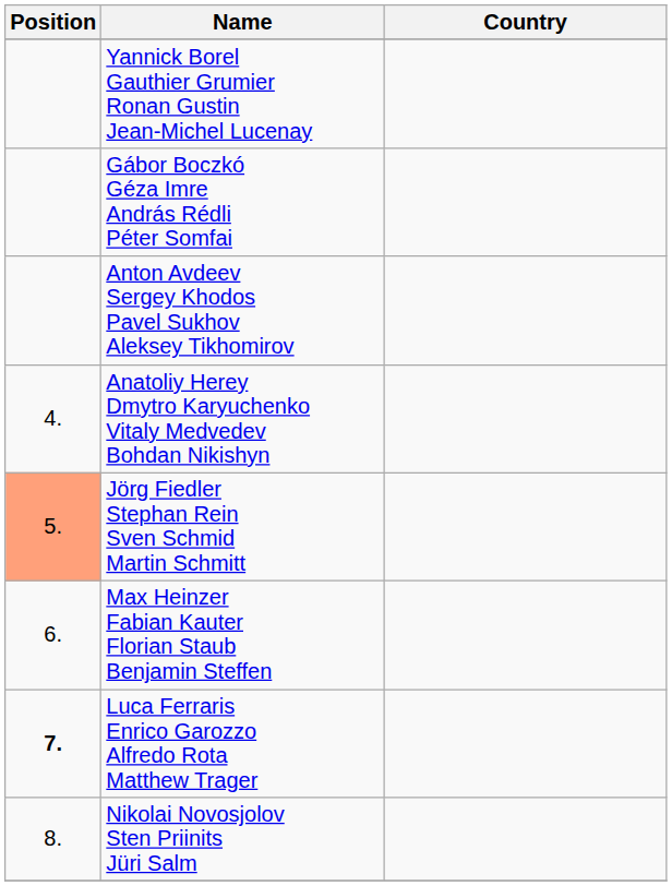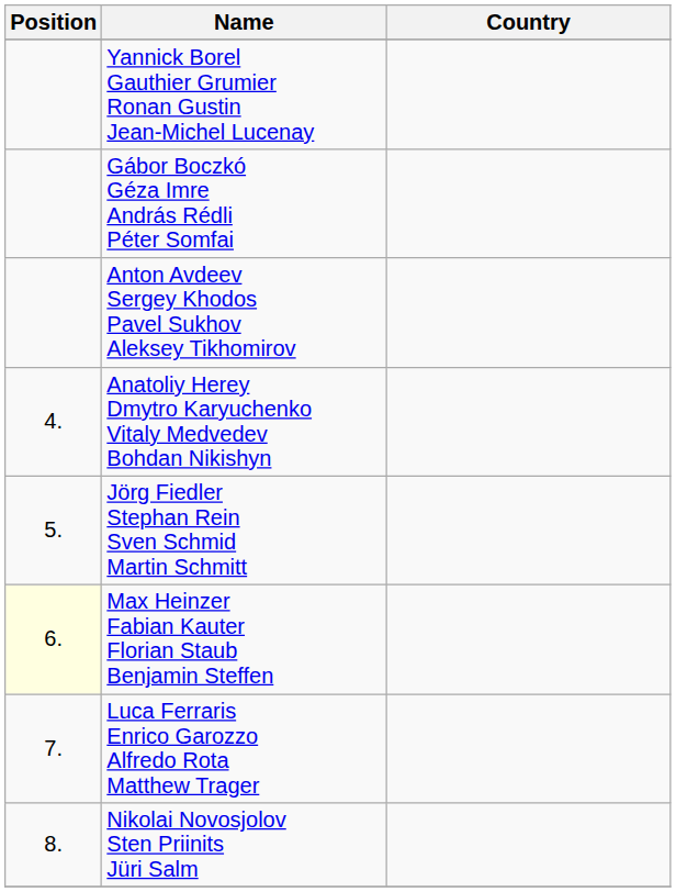 <table class="wikitable">
 <tr>
 <th width="20">Position</th>
 <th width="200">Name</th>
 <th width="200">Country</th>
 </tr>
 <tr>
 </tr>
 <tr>
 <td align="center"></td>
 <td><a href='#'>Yannick Borel</a><br><a href='#'>Gauthier Grumier</a><br><a href='#'>Ronan Gustin</a><br><a href='#'>Jean-Michel Lucenay</a></td>
 <td></td>
 </tr>
 <tr>
 <td align="center"></td>
 <td><a href='#'>Gábor Boczkó</a><br><a href='#'>Géza Imre</a><br><a href='#'>András Rédli</a><br><a href='#'>Péter Somfai</a></td>
 <td></td>
 </tr>
 <tr>
 <td align="center"></td>
 <td><a href='#'>Anton Avdeev</a><br><a href='#'>Sergey Khodos</a><br><a href='#'>Pavel Sukhov</a><br><a href='#'>Aleksey Tikhomirov</a></td>
 <td></td>
 </tr>
 <tr>
 <td align="center">4.</td>
 <td><a href='#'>Anatoliy Herey</a><br><a href='#'>Dmytro Karyuchenko</a><br><a href='#'>Vitaly Medvedev</a><br><a href='#'>Bohdan Nikishyn</a></td>
 <td></td>
 </tr>
 <tr>
-<td align="center" style="background: lightsalmon;">5.</td>
+<td align="center">5.</td>
 <td><a href='#'>Jörg Fiedler</a><br><a href='#'>Stephan Rein</a><br><a href='#'>Sven Schmid</a><br><a href='#'>Martin Schmitt</a></td>
 <td></td>
 </tr>
 <tr>
-<td align="center">6.</td>
+<td align="center" style="background: lightyellow;">6.</td>
 <td><a href='#'>Max Heinzer</a><br><a href='#'>Fabian Kauter</a><br><a href='#'>Florian Staub</a><br><a href='#'>Benjamin Steffen</a></td>
 <td></td>
 </tr>
 <tr>
-<td align="center"><strong>7.</strong></td>
+<td align="center">7.</td>
 <td><a href='#'>Luca Ferraris</a><br><a href='#'>Enrico Garozzo</a><br><a href='#'>Alfredo Rota</a><br><a href='#'>Matthew Trager</a></td>
 <td></td>
 </tr>
 <tr>
 <td align="center">8.</td>
 <td><a href='#'>Nikolai Novosjolov</a><br><a href='#'>Sten Priinits</a><br><a href='#'>Jüri Salm</a></td>
 <td></td>
 </tr>
 <tr>
 </tr>
 </table>
